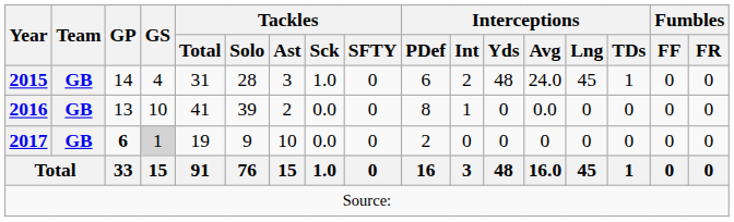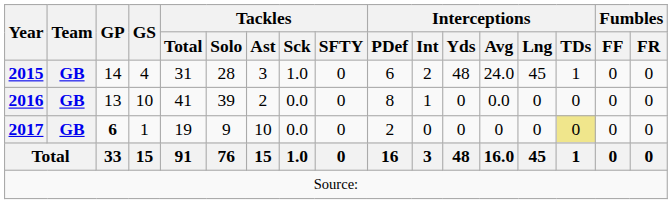 <table class="wikitable" style="text-align: center;">
 <tr>
 <th rowspan=2>Year</th>
 <th rowspan=2>Team</th>
 <th rowspan=2>GP</th>
 <th rowspan=2>GS</th>
 <th colspan=5>Tackles</th>
 <th colspan=6>Interceptions</th>
 <th colspan=2>Fumbles</th>
 </tr>
 <tr>
 <th>Total</th>
 <th>Solo</th>
 <th>Ast</th>
 <th>Sck</th>
 <th>SFTY</th>
 <th>PDef</th>
 <th>Int</th>
 <th>Yds</th>
 <th>Avg</th>
 <th>Lng</th>
 <th>TDs</th>
 <th>FF</th>
 <th>FR</th>
 </tr>
 <tr>
 <th><a href='#'>2015</a></th>
 <th><a href='#'>GB</a></th>
 <td>14</td>
 <td>4</td>
 <td>31</td>
 <td>28</td>
 <td>3</td>
 <td>1.0</td>
 <td>0</td>
 <td>6</td>
 <td>2</td>
 <td>48</td>
 <td>24.0</td>
 <td>45</td>
 <td>1</td>
 <td>0</td>
 <td>0</td>
 </tr>
 <tr>
 <th><a href='#'>2016</a></th>
 <th><a href='#'>GB</a></th>
 <td>13</td>
 <td>10</td>
 <td>41</td>
 <td>39</td>
 <td>2</td>
 <td>0.0</td>
 <td>0</td>
 <td>8</td>
 <td>1</td>
 <td>0</td>
 <td>0.0</td>
 <td>0</td>
 <td>0</td>
 <td>0</td>
 <td>0</td>
 </tr>
 <tr>
 <th><a href='#'>2017</a></th>
 <th><a href='#'>GB</a></th>
 <td><strong>6</strong></td>
-<td style="background: lightgrey;">1</td>
+<td>1</td>
 <td>19</td>
 <td>9</td>
 <td>10</td>
 <td>0.0</td>
 <td>0</td>
 <td>2</td>
 <td>0</td>
 <td>0</td>
 <td>0</td>
 <td>0</td>
-<td>0</td>
+<td style="background: khaki;">0</td>
 <td>0</td>
 <td>0</td>
 </tr>
 <tr>
 <th colspan=2>Total</th>
 <th>33</th>
 <th>15</th>
 <th>91</th>
 <th>76</th>
 <th>15</th>
 <th>1.0</th>
 <th>0</th>
 <th>16</th>
 <th>3</th>
 <th>48</th>
 <th>16.0</th>
 <th>45</th>
 <th>1</th>
 <th>0</th>
 <th>0</th>
 </tr>
 <tr>
 <td colspan="17"><small>Source: </small></td>
 </tr>
 </table>
